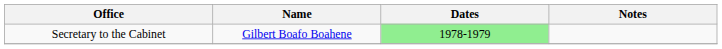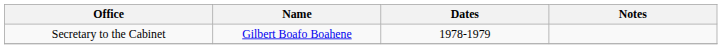 <table class="wikitable" style="font-size:90%; text-align:center;">
 <tr>
 <th width=250>Office</th>
 <th width=200>Name</th>
 <th width=200>Dates</th>
 <th width=200>Notes</th>
 </tr>
 <tr>
 <td>Secretary to the Cabinet</td>
 <td><a href='#'>Gilbert Boafo Boahene</a></td>
-<td style="background: lightgreen;">1978-1979</td>
+<td>1978-1979</td>
 <td></td>
 </tr>
 <tr>
 </tr>
 </table>
